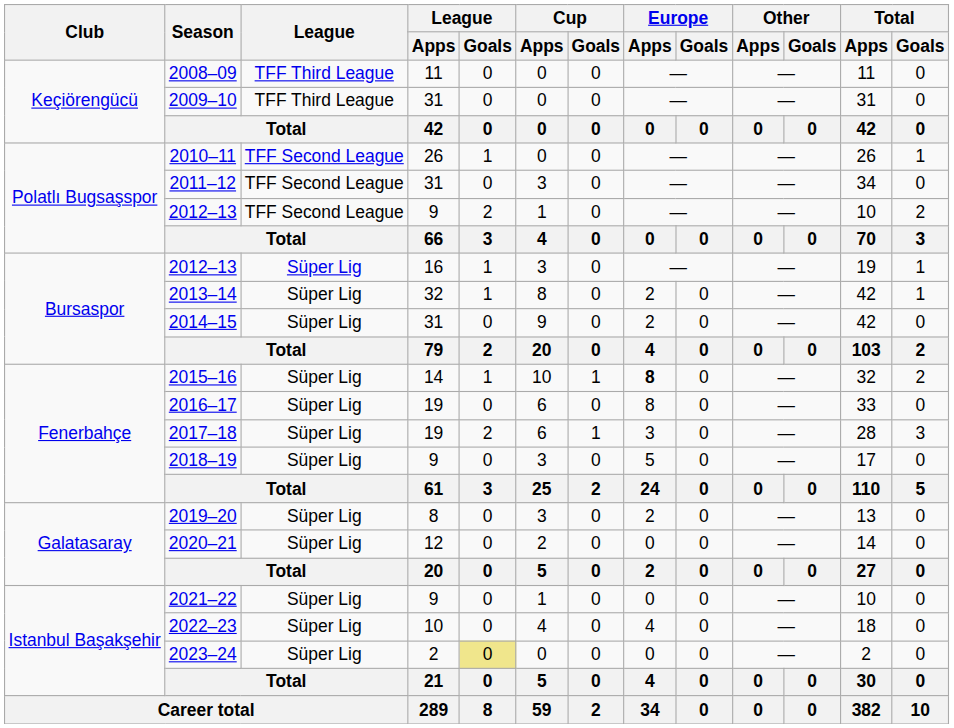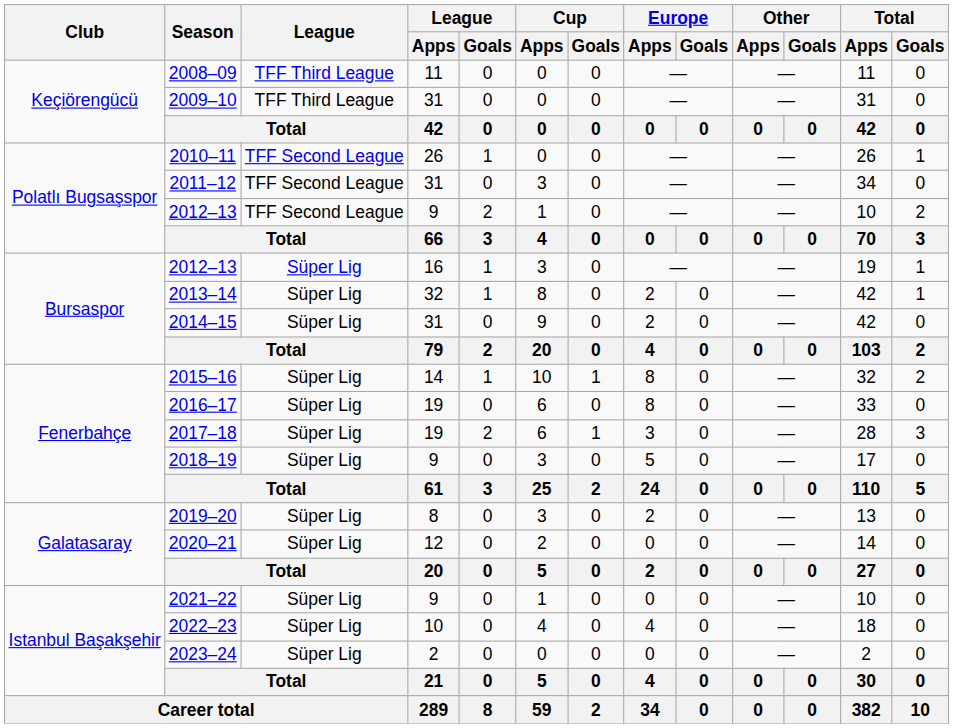 <table class="wikitable" style="text-align: center;">
 <tr>
 <th rowspan="2">Club</th>
 <th rowspan="2">Season</th>
 <th rowspan="2">League</th>
 <th colspan="2">League</th>
 <th colspan="2">Cup</th>
 <th colspan="2"><a href='#'>Europe</a></th>
 <th colspan="2">Other</th>
 <th colspan="2">Total</th>
 </tr>
 <tr>
 <th>Apps</th>
 <th>Goals</th>
 <th>Apps</th>
 <th>Goals</th>
 <th>Apps</th>
 <th>Goals</th>
 <th>Apps</th>
 <th>Goals</th>
 <th>Apps</th>
 <th>Goals</th>
 </tr>
 <tr>
 <td rowspan="3"><a href='#'>Keçiörengücü</a></td>
 <td><a href='#'>2008–09</a></td>
 <td><a href='#'>TFF Third League</a></td>
 <td>11</td>
 <td>0</td>
 <td>0</td>
 <td>0</td>
 <td colspan="2">—</td>
 <td colspan="2">—</td>
 <td>11</td>
 <td>0</td>
 </tr>
 <tr>
 <td><a href='#'>2009–10</a></td>
 <td>TFF Third League</td>
 <td>31</td>
 <td>0</td>
 <td>0</td>
 <td>0</td>
 <td colspan="2">—</td>
 <td colspan="2">—</td>
 <td>31</td>
 <td>0</td>
 </tr>
 <tr>
 <th colspan="2">Total</th>
 <th>42</th>
 <th>0</th>
 <th>0</th>
 <th>0</th>
 <th>0</th>
 <th>0</th>
 <th>0</th>
 <th>0</th>
 <th>42</th>
 <th>0</th>
 </tr>
 <tr>
 <td rowspan="4"><a href='#'>Polatlı Bugsaşspor</a></td>
 <td><a href='#'>2010–11</a></td>
 <td><a href='#'>TFF Second League</a></td>
 <td>26</td>
 <td>1</td>
 <td>0</td>
 <td>0</td>
 <td colspan="2">—</td>
 <td colspan="2">—</td>
 <td>26</td>
 <td>1</td>
 </tr>
 <tr>
 <td><a href='#'>2011–12</a></td>
 <td>TFF Second League</td>
 <td>31</td>
 <td>0</td>
 <td>3</td>
 <td>0</td>
 <td colspan="2">—</td>
 <td colspan="2">—</td>
 <td>34</td>
 <td>0</td>
 </tr>
 <tr>
 <td><a href='#'>2012–13</a></td>
 <td>TFF Second League</td>
 <td>9</td>
 <td>2</td>
 <td>1</td>
 <td>0</td>
 <td colspan="2">—</td>
 <td colspan="2">—</td>
 <td>10</td>
 <td>2</td>
 </tr>
 <tr>
 <th colspan="2">Total</th>
 <th>66</th>
 <th>3</th>
 <th>4</th>
 <th>0</th>
 <th>0</th>
 <th>0</th>
 <th>0</th>
 <th>0</th>
 <th>70</th>
 <th>3</th>
 </tr>
 <tr>
 <td rowspan="4"><a href='#'>Bursaspor</a></td>
 <td><a href='#'>2012–13</a></td>
 <td><a href='#'>Süper Lig</a></td>
 <td>16</td>
 <td>1</td>
 <td>3</td>
 <td>0</td>
 <td colspan="2">—</td>
 <td colspan="2">—</td>
 <td>19</td>
 <td>1</td>
 </tr>
 <tr>
 <td><a href='#'>2013–14</a></td>
 <td>Süper Lig</td>
 <td>32</td>
 <td>1</td>
 <td>8</td>
 <td>0</td>
 <td>2</td>
 <td>0</td>
 <td colspan="2">—</td>
 <td>42</td>
 <td>1</td>
 </tr>
 <tr>
 <td><a href='#'>2014–15</a></td>
 <td>Süper Lig</td>
 <td>31</td>
 <td>0</td>
 <td>9</td>
 <td>0</td>
 <td>2</td>
 <td>0</td>
 <td colspan="2">—</td>
 <td>42</td>
 <td>0</td>
 </tr>
 <tr>
 <th colspan="2">Total</th>
 <th>79</th>
 <th>2</th>
 <th>20</th>
 <th>0</th>
 <th>4</th>
 <th>0</th>
 <th>0</th>
 <th>0</th>
 <th>103</th>
 <th>2</th>
 </tr>
 <tr>
 <td rowspan="5"><a href='#'>Fenerbahçe</a></td>
 <td><a href='#'>2015–16</a></td>
 <td>Süper Lig</td>
 <td>14</td>
 <td>1</td>
 <td>10</td>
 <td>1</td>
-<td><strong>8</strong></td>
+<td>8</td>
 <td>0</td>
 <td colspan="2">—</td>
 <td>32</td>
 <td>2</td>
 </tr>
 <tr>
 <td><a href='#'>2016–17</a></td>
 <td>Süper Lig</td>
 <td>19</td>
 <td>0</td>
 <td>6</td>
 <td>0</td>
 <td>8</td>
 <td>0</td>
 <td colspan="2">—</td>
 <td>33</td>
 <td>0</td>
 </tr>
 <tr>
 <td><a href='#'>2017–18</a></td>
 <td>Süper Lig</td>
 <td>19</td>
 <td>2</td>
 <td>6</td>
 <td>1</td>
 <td>3</td>
 <td>0</td>
 <td colspan="2">—</td>
 <td>28</td>
 <td>3</td>
 </tr>
 <tr>
 <td><a href='#'>2018–19</a></td>
 <td>Süper Lig</td>
 <td>9</td>
 <td>0</td>
 <td>3</td>
 <td>0</td>
 <td>5</td>
 <td>0</td>
 <td colspan="2">—</td>
 <td>17</td>
 <td>0</td>
 </tr>
 <tr>
 <th colspan="2">Total</th>
 <th>61</th>
 <th>3</th>
 <th>25</th>
 <th>2</th>
 <th>24</th>
 <th>0</th>
 <th>0</th>
 <th>0</th>
 <th>110</th>
 <th>5</th>
 </tr>
 <tr>
 <td rowspan="3"><a href='#'>Galatasaray</a></td>
 <td><a href='#'>2019–20</a></td>
 <td>Süper Lig</td>
 <td>8</td>
 <td>0</td>
 <td>3</td>
 <td>0</td>
 <td>2</td>
 <td>0</td>
 <td colspan="2">—</td>
 <td>13</td>
 <td>0</td>
 </tr>
 <tr>
 <td><a href='#'>2020–21</a></td>
 <td>Süper Lig</td>
 <td>12</td>
 <td>0</td>
 <td>2</td>
 <td>0</td>
 <td>0</td>
 <td>0</td>
 <td colspan="2">—</td>
 <td>14</td>
 <td>0</td>
 </tr>
 <tr>
 <th colspan="2">Total</th>
 <th>20</th>
 <th>0</th>
 <th>5</th>
 <th>0</th>
 <th>2</th>
 <th>0</th>
 <th>0</th>
 <th>0</th>
 <th>27</th>
 <th>0</th>
 </tr>
 <tr>
 <td rowspan="4"><a href='#'>Istanbul Başakşehir</a></td>
 <td><a href='#'>2021–22</a></td>
 <td>Süper Lig</td>
 <td>9</td>
 <td>0</td>
 <td>1</td>
 <td>0</td>
 <td>0</td>
 <td>0</td>
 <td colspan="2">—</td>
 <td>10</td>
 <td>0</td>
 </tr>
 <tr>
 <td><a href='#'>2022–23</a></td>
 <td>Süper Lig</td>
 <td>10</td>
 <td>0</td>
 <td>4</td>
 <td>0</td>
 <td>4</td>
 <td>0</td>
 <td colspan="2">—</td>
 <td>18</td>
 <td>0</td>
 </tr>
 <tr>
 <td><a href='#'>2023–24</a></td>
 <td>Süper Lig</td>
 <td>2</td>
-<td style="background: khaki;">0</td>
+<td>0</td>
 <td>0</td>
 <td>0</td>
 <td>0</td>
 <td>0</td>
 <td colspan="2">—</td>
 <td>2</td>
 <td>0</td>
 </tr>
 <tr>
 <th colspan="2">Total</th>
 <th>21</th>
 <th>0</th>
 <th>5</th>
 <th>0</th>
 <th>4</th>
 <th>0</th>
 <th>0</th>
 <th>0</th>
 <th>30</th>
 <th>0</th>
 </tr>
 <tr>
 <th colspan="3">Career total</th>
 <th>289</th>
 <th>8</th>
 <th>59</th>
 <th>2</th>
 <th>34</th>
 <th>0</th>
 <th>0</th>
 <th>0</th>
 <th>382</th>
 <th>10</th>
 </tr>
 </table>
